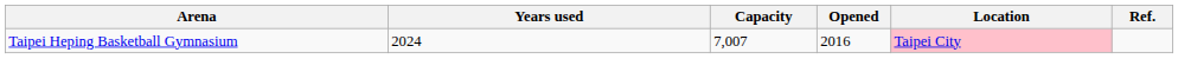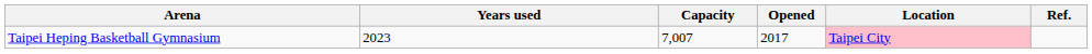 <table class="wikitable plainrowheaders” style="font-size: 85%; text-align: center; width: 100%;">
 <tr>
 <th style="width:19%">Arena</th>
 <th style="width:16%">Years used</th>
 <th style="width:5%">Capacity</th>
 <th style="width:2%">Opened</th>
 <th style="width:11%">Location</th>
 <th style="width:3%">Ref.</th>
 </tr>
 <tr>
 <td><a href='#'>Taipei Heping Basketball Gymnasium</a></td>
-<td>2024</td>
+<td>2023</td>
 <td>7,007</td>
-<td>2016</td>
+<td>2017</td>
 <td style="background: pink;"><a href='#'>Taipei City</a></td>
 <td align="center"></td>
 </tr>
 </table>
